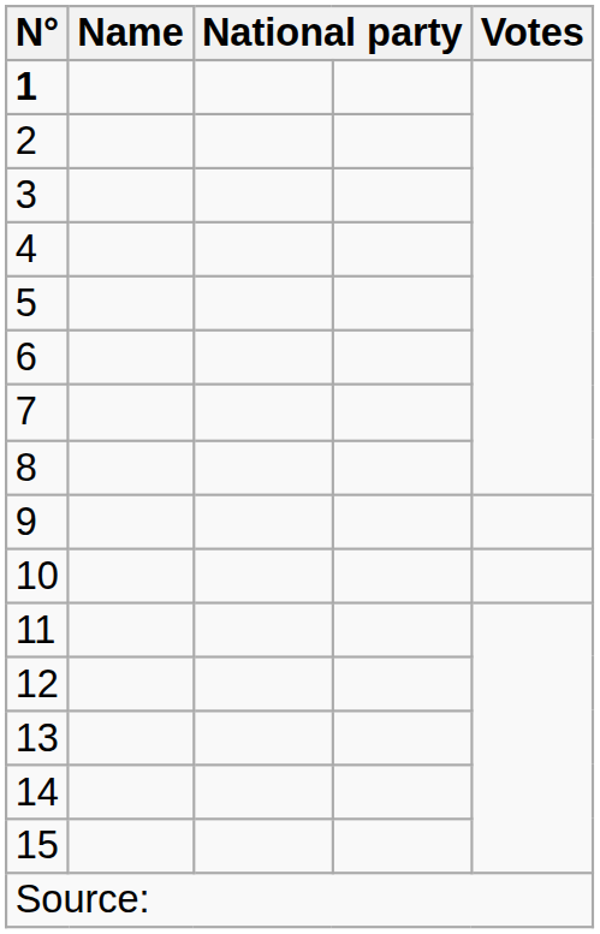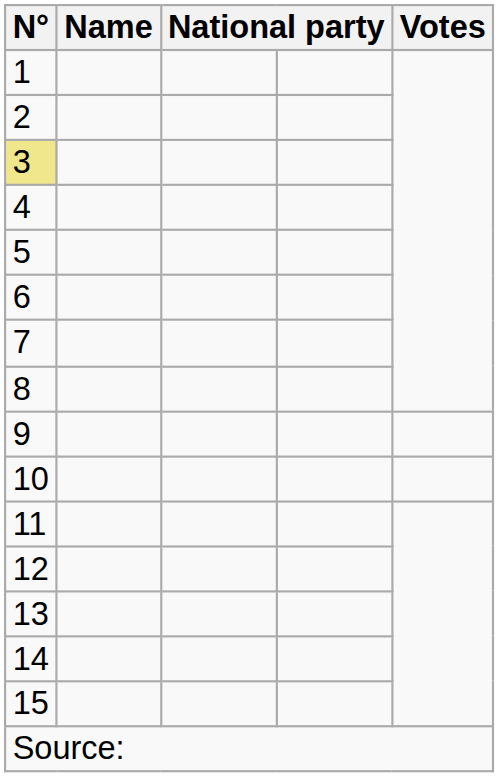 <table class="wikitable sortable" style="font-size:95%;line-height:14px;">
 <tr>
 <th>N°</th>
 <th>Name</th>
 <th colspan="2">National party</th>
 <th>Votes</th>
 </tr>
 <tr>
-<td><strong>1</strong></td>
+<td>1</td>
 <td></td>
 <td></td>
 <td></td>
 </tr>
 <tr>
 <td>2</td>
 <td></td>
 <td></td>
 <td></td>
 </tr>
 <tr>
-<td>3</td>
+<td style="background: khaki;">3</td>
 <td><em></em></td>
 <td></td>
 <td></td>
 </tr>
 <tr>
 <td>4</td>
 <td></td>
 <td></td>
 <td></td>
 </tr>
 <tr>
 <td>5</td>
 <td><em></em></td>
 <td></td>
 <td></td>
 </tr>
 <tr>
 <td>6</td>
 <td></td>
 <td></td>
 <td></td>
 </tr>
 <tr>
 <td>7</td>
 <td><em></em></td>
 <td></td>
 <td></td>
 </tr>
 <tr>
 <td>8</td>
 <td></td>
 <td></td>
 <td></td>
 </tr>
 <tr>
 <td>9</td>
 <td></td>
 <td></td>
 <td></td>
 <td></td>
 </tr>
 <tr>
 <td>10</td>
 <td></td>
 <td></td>
 <td></td>
 <td></td>
 </tr>
 <tr>
 <td>11</td>
 <td></td>
 <td></td>
 <td></td>
 </tr>
 <tr>
 <td>12</td>
 <td></td>
 <td></td>
 <td></td>
 </tr>
 <tr>
 <td>13</td>
 <td></td>
 <td></td>
 <td></td>
 </tr>
 <tr>
 <td>14</td>
 <td></td>
 <td></td>
 <td></td>
 </tr>
 <tr>
 <td>15</td>
 <td></td>
 <td></td>
 <td></td>
 </tr>
 <tr>
 <td colspan="5">Source: </td>
 </tr>
 </table>
